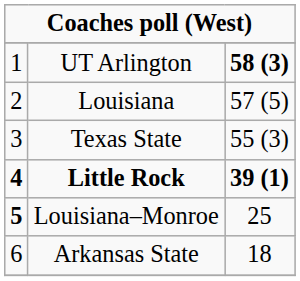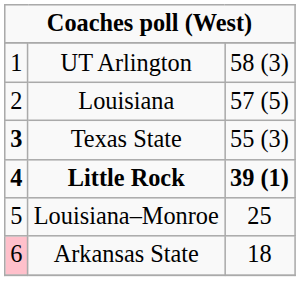 <table class="wikitable">
 <tr align="center">
 <td align="center" Colspan="3"><strong>Coaches poll (West)</strong></td>
 </tr>
 <tr align="center">
 </tr>
 <tr align="center">
 <td>1</td>
 <td>UT Arlington</td>
-<td><strong>58 (3)</strong></td>
+<td>58 (3)</td>
 </tr>
 <tr align="center">
 <td>2</td>
 <td>Louisiana</td>
 <td>57 (5)</td>
 </tr>
 <tr align="center">
-<td>3</td>
+<td><strong>3</strong></td>
 <td>Texas State</td>
 <td>55 (3)</td>
 </tr>
 <tr align="center">
 <td><strong>4</strong></td>
 <td><strong>Little Rock</strong></td>
 <td><strong>39 (1)</strong></td>
 </tr>
 <tr align="center">
-<td><strong>5</strong></td>
+<td>5</td>
 <td>Louisiana–Monroe</td>
 <td>25</td>
 </tr>
 <tr align="center">
-<td>6</td>
+<td style="background: pink;">6</td>
 <td>Arkansas State</td>
 <td>18</td>
 </tr>
 <tr align="center">
 </tr>
 </table>
